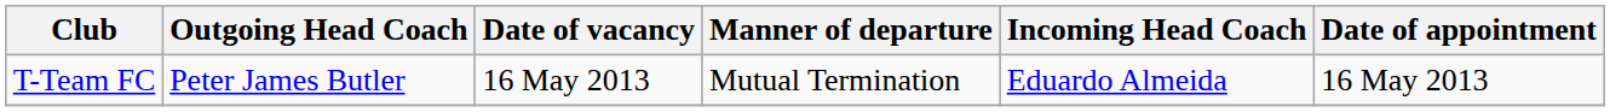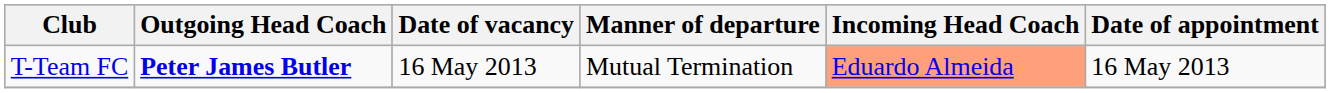 <table class="wikitable">
 <tr>
 <th>Club</th>
 <th>Outgoing Head Coach</th>
 <th>Date of vacancy</th>
 <th>Manner of departure</th>
 <th>Incoming Head Coach</th>
 <th>Date of appointment</th>
 </tr>
 <tr>
 <td><a href='#'>T-Team FC</a></td>
-<td><a href='#'>Peter James Butler</a></td>
+<td><strong><a href='#'>Peter James Butler</a></strong></td>
 <td>16 May 2013</td>
 <td>Mutual Termination</td>
-<td><a href='#'>Eduardo Almeida</a></td>
+<td style="background: lightsalmon;"><a href='#'>Eduardo Almeida</a></td>
 <td>16 May 2013</td>
 </tr>
 <tr>
 </tr>
 </table>
